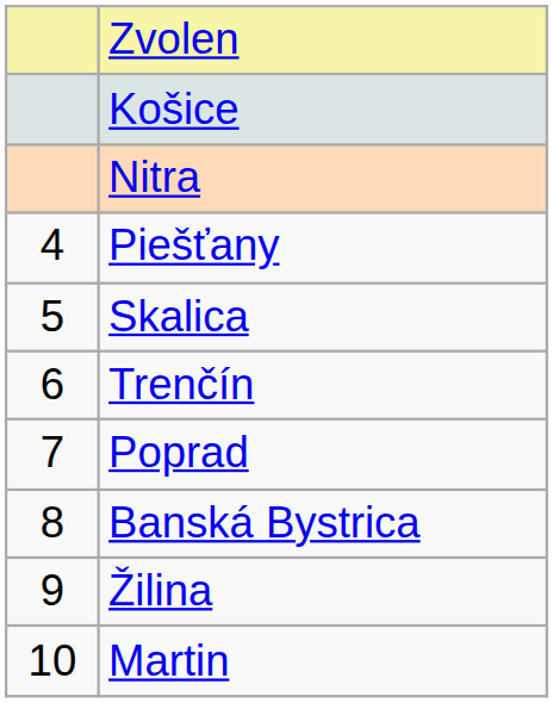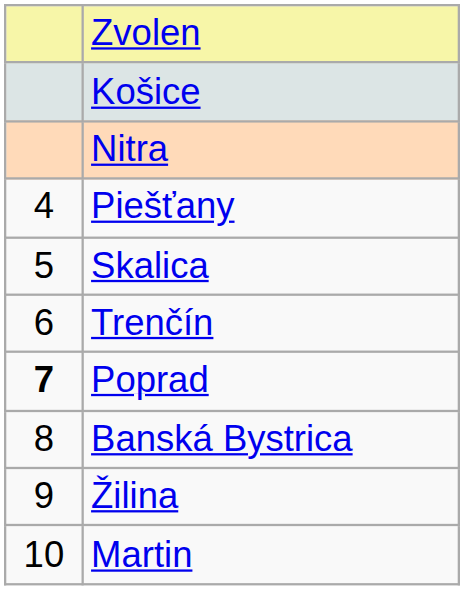 <table class="wikitable" style="width:200px;">
 <tr style="background:#F7F6A8;">
 <td align=center></td>
 <td><a href='#'>Zvolen</a></td>
 </tr>
 <tr style="background:#DCE5E5;">
 <td align=center></td>
 <td><a href='#'>Košice</a></td>
 </tr>
 <tr style="background:#FFDAB9;">
 <td align=center></td>
 <td><a href='#'>Nitra</a></td>
 </tr>
 <tr>
 <td align=center>4</td>
 <td><a href='#'>Piešťany</a></td>
 </tr>
 <tr>
 <td align=center>5</td>
 <td><a href='#'>Skalica</a></td>
 </tr>
 <tr>
 <td align=center>6</td>
 <td><a href='#'>Trenčín</a></td>
 </tr>
 <tr>
-<td align=center>7</td>
+<td align=center><strong>7</strong></td>
 <td><a href='#'>Poprad</a></td>
 </tr>
 <tr>
 <td align=center>8</td>
 <td><a href='#'>Banská Bystrica</a></td>
 </tr>
 <tr>
 <td align=center>9</td>
 <td><a href='#'>Žilina</a></td>
 </tr>
 <tr>
 <td align=center>10</td>
 <td><a href='#'>Martin</a></td>
 </tr>
 </table>
